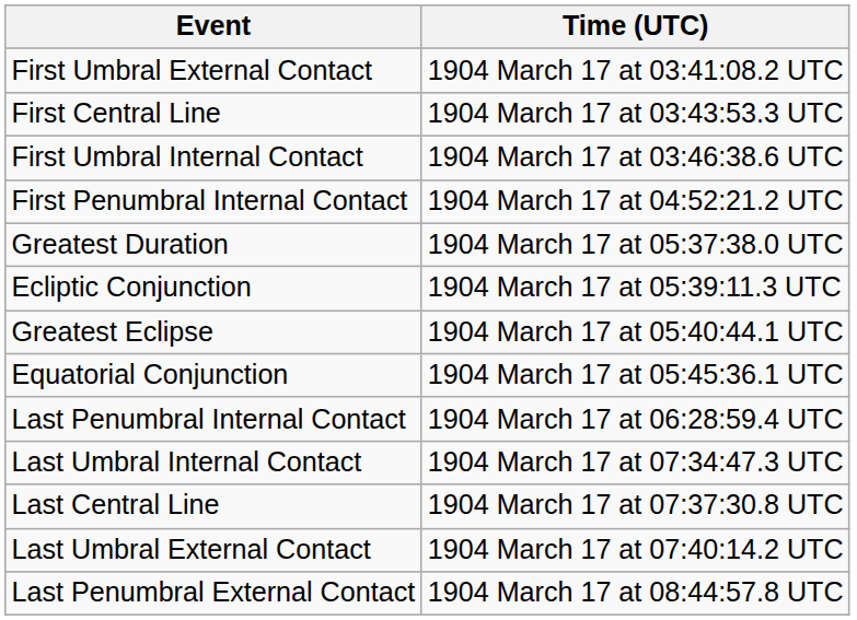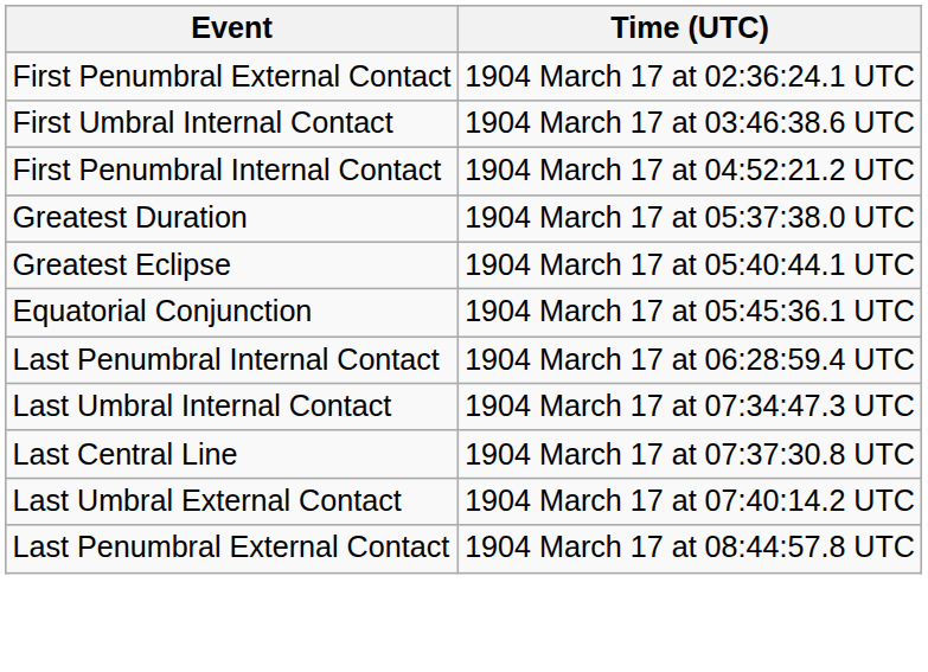 <table class="wikitable">
 <tr>
 <th>Event</th>
 <th>Time (UTC)</th>
 </tr>
 <tr>
-<td>First Umbral External Contact</td>
-<td>1904 March 17 at 03:41:08.2 UTC</td>
-</tr>
-<tr>
-<td>First Central Line</td>
-<td>1904 March 17 at 03:43:53.3 UTC</td>
+<td>First Penumbral External Contact</td>
+<td>1904 March 17 at 02:36:24.1 UTC</td>
 </tr>
 <tr>
 <td>First Umbral Internal Contact</td>
 <td>1904 March 17 at 03:46:38.6 UTC</td>
 </tr>
 <tr>
 <td>First Penumbral Internal Contact</td>
 <td>1904 March 17 at 04:52:21.2 UTC</td>
 </tr>
 <tr>
 <td>Greatest Duration</td>
 <td>1904 March 17 at 05:37:38.0 UTC</td>
-</tr>
-<tr>
-<td>Ecliptic Conjunction</td>
-<td>1904 March 17 at 05:39:11.3 UTC</td>
 </tr>
 <tr>
 <td>Greatest Eclipse</td>
 <td>1904 March 17 at 05:40:44.1 UTC</td>
 </tr>
 <tr>
 <td>Equatorial Conjunction</td>
 <td>1904 March 17 at 05:45:36.1 UTC</td>
 </tr>
 <tr>
 <td>Last Penumbral Internal Contact</td>
 <td>1904 March 17 at 06:28:59.4 UTC</td>
 </tr>
 <tr>
 <td>Last Umbral Internal Contact</td>
 <td>1904 March 17 at 07:34:47.3 UTC</td>
 </tr>
 <tr>
 <td>Last Central Line</td>
 <td>1904 March 17 at 07:37:30.8 UTC</td>
 </tr>
 <tr>
 <td>Last Umbral External Contact</td>
 <td>1904 March 17 at 07:40:14.2 UTC</td>
 </tr>
 <tr>
 <td>Last Penumbral External Contact</td>
 <td>1904 March 17 at 08:44:57.8 UTC</td>
 </tr>
 </table>
